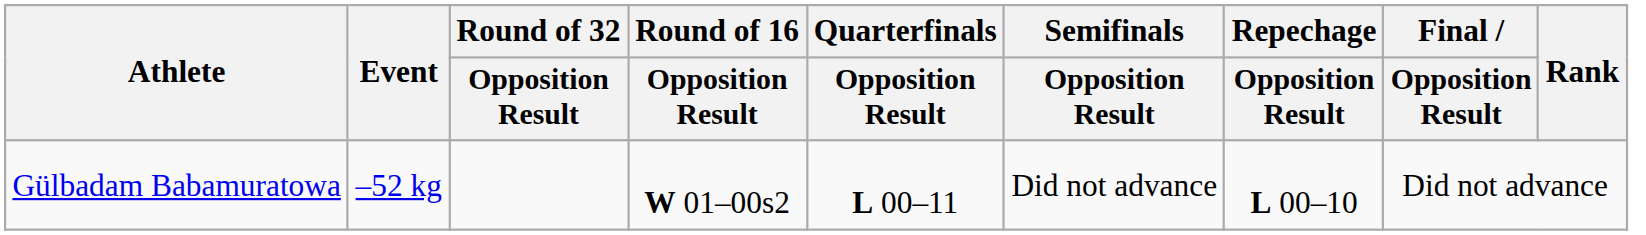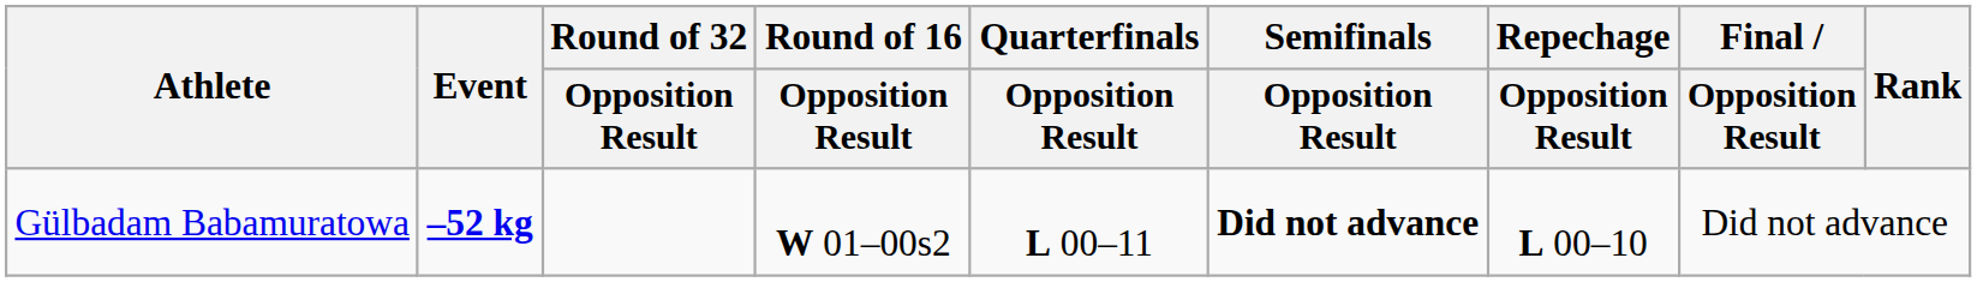 <table class=wikitable style=font-size:90%;text-align:center>
 <tr>
 <th rowspan="2">Athlete</th>
 <th rowspan="2">Event</th>
 <th>Round of 32</th>
 <th>Round of 16</th>
 <th>Quarterfinals</th>
 <th>Semifinals</th>
 <th>Repechage</th>
 <th>Final / </th>
 <th rowspan=2>Rank</th>
 </tr>
 <tr style="font-size:95%">
 <th>Opposition<br>Result</th>
 <th>Opposition<br>Result</th>
 <th>Opposition<br>Result</th>
 <th>Opposition<br>Result</th>
 <th>Opposition<br>Result</th>
 <th>Opposition<br>Result</th>
 </tr>
 <tr>
 <td align=left><a href='#'>Gülbadam Babamuratowa</a></td>
-<td align=left><a href='#'>–52 kg</a></td>
+<td align=left><strong><a href='#'>–52 kg</a></strong></td>
 <td></td>
 <td><br><strong>W</strong> 01–00s2</td>
 <td><br><strong>L</strong> 00–11</td>
-<td>Did not advance</td>
+<td><strong>Did not advance</strong></td>
 <td><br><strong>L</strong> 00–10</td>
 <td colspan=2>Did not advance</td>
 </tr>
 </table>
